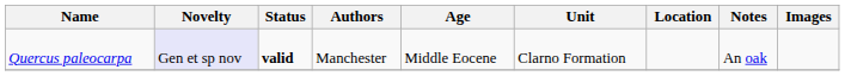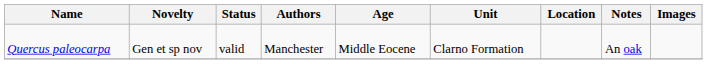 <table class="wikitable sortable" align="center" width="100%">
 <tr>
 <th>Name</th>
 <th>Novelty</th>
 <th>Status</th>
 <th>Authors</th>
 <th>Age</th>
 <th>Unit</th>
 <th>Location</th>
 <th>Notes</th>
 <th>Images</th>
 </tr>
 <tr>
 <td><br><em><a href='#'>Quercus paleocarpa</a></em></td>
-<td style="background: lavender;"><br>Gen et sp nov</td>
-<td><strong><br>valid</strong></td>
+<td><br>Gen et sp nov</td>
+<td><br>valid</td>
 <td><br>Manchester</td>
 <td><br>Middle Eocene</td>
 <td><br>Clarno Formation</td>
 <td><br><br></td>
 <td><br>An <a href='#'>oak</a></td>
 <td></td>
 </tr>
 <tr>
 </tr>
 </table>
